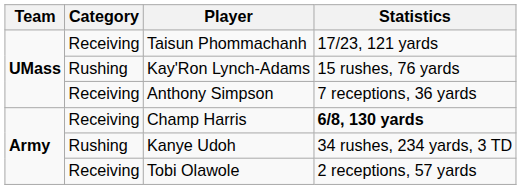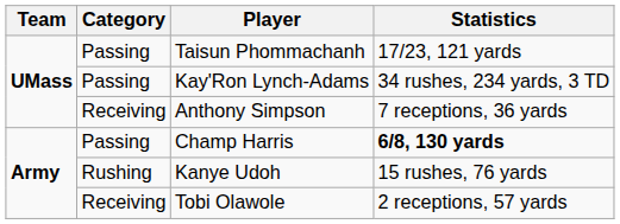 <table class="wikitable" style="float: right;">
 <tr>
 <th>Team</th>
 <th>Category</th>
 <th>Player</th>
 <th>Statistics</th>
 </tr>
 <tr>
 <td rowspan=3><strong>UMass</strong></td>
-<td>Receiving</td>
+<td>Passing</td>
 <td>Taisun Phommachanh</td>
 <td>17/23, 121 yards</td>
 </tr>
 <tr>
-<td>Rushing</td>
+<td>Passing</td>
 <td>Kay'Ron Lynch-Adams</td>
-<td>15 rushes, 76 yards</td>
+<td>34 rushes, 234 yards, 3 TD</td>
 </tr>
 <tr>
 <td>Receiving</td>
 <td>Anthony Simpson</td>
 <td>7 receptions, 36 yards</td>
 </tr>
 <tr>
 <td rowspan=3><strong>Army</strong></td>
-<td>Receiving</td>
+<td>Passing</td>
 <td>Champ Harris</td>
 <td><strong>6/8, 130 yards</strong></td>
 </tr>
 <tr>
 <td>Rushing</td>
 <td>Kanye Udoh</td>
-<td>34 rushes, 234 yards, 3 TD</td>
+<td>15 rushes, 76 yards</td>
 </tr>
 <tr>
 <td>Receiving</td>
 <td>Tobi Olawole</td>
 <td>2 receptions, 57 yards</td>
 </tr>
 </table>
